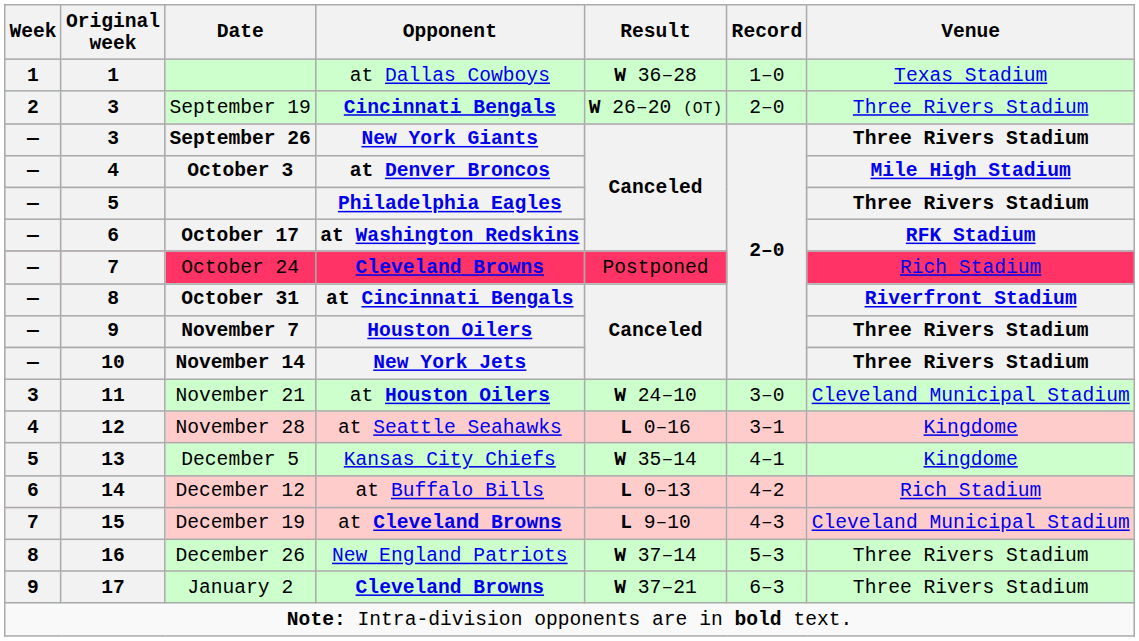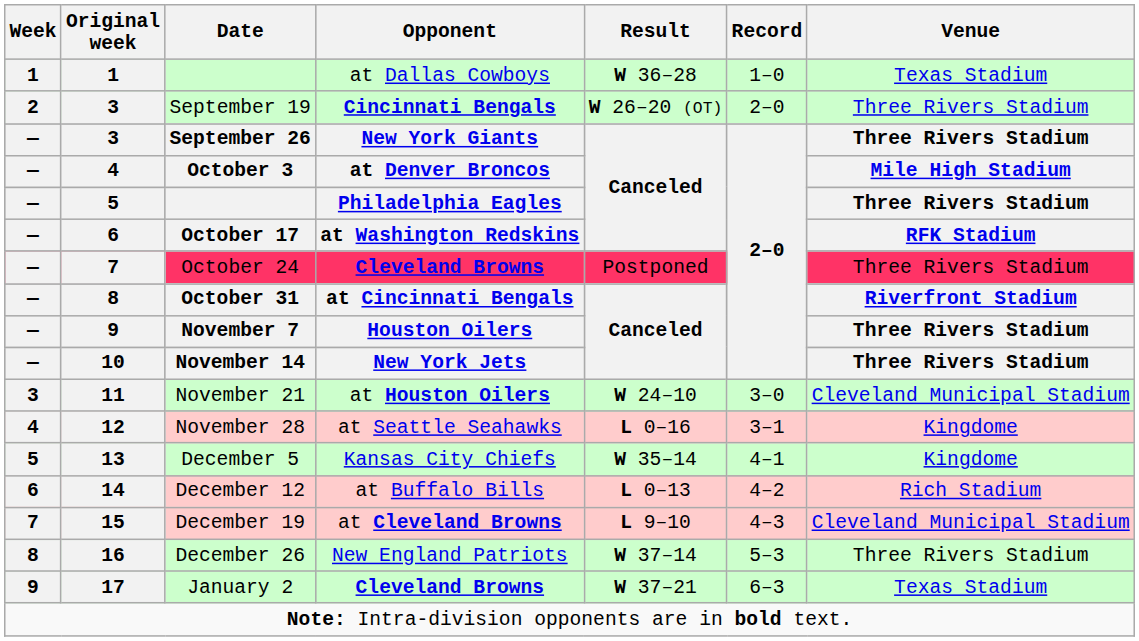 <table class="wikitable" style="text-align:center">
 <tr>
 <th>Week</th>
 <th>Original<br>week</th>
 <th>Date</th>
 <th>Opponent</th>
 <th>Result</th>
 <th>Record</th>
 <th>Venue</th>
 </tr>
 <tr style="background:#cfc">
 <th>1</th>
 <th>1</th>
 <td></td>
 <td>at <a href='#'>Dallas Cowboys</a></td>
 <td><strong>W</strong> 36–28</td>
 <td>1–0</td>
 <td><a href='#'>Texas Stadium</a></td>
 </tr>
 <tr style="background:#cfc">
 <th>2</th>
 <th>3</th>
 <td>September 19</td>
 <td><strong><a href='#'>Cincinnati Bengals</a></strong></td>
 <td><strong>W</strong> 26–20 <small>(OT)</small></td>
 <td>2–0</td>
 <td><a href='#'>Three Rivers Stadium</a></td>
 </tr>
 <tr style="background:#bababa">
 <th>—</th>
 <th>3</th>
 <th>September 26</th>
 <th><a href='#'>New York Giants</a></th>
 <th rowspan="4"><strong>Canceled</strong></th>
 <th rowspan="8">2–0</th>
 <th>Three Rivers Stadium</th>
 </tr>
 <tr style="background:#bababa">
 <th>—</th>
 <th>4</th>
 <th>October 3</th>
 <th>at <a href='#'>Denver Broncos</a></th>
 <th><a href='#'>Mile High Stadium</a></th>
 </tr>
 <tr style="background:#bababa">
 <th>—</th>
 <th>5</th>
 <th></th>
 <th><a href='#'>Philadelphia Eagles</a></th>
 <th>Three Rivers Stadium</th>
 </tr>
 <tr style="background:#bababa">
 <th>—</th>
 <th>6</th>
 <th>October 17</th>
 <th>at <a href='#'>Washington Redskins</a></th>
 <th><a href='#'>RFK Stadium</a></th>
 </tr>
 <tr style="background:#F36;">
 <th>—</th>
 <th>7</th>
 <td>October 24</td>
 <td><strong><a href='#'>Cleveland Browns</a></strong></td>
 <td>Postponed</td>
-<td><a href='#'>Rich Stadium</a></td>
+<td>Three Rivers Stadium</td>
 </tr>
 <tr style="background:#bababa">
 <th>—</th>
 <th>8</th>
 <th>October 31</th>
 <th>at <strong><a href='#'>Cincinnati Bengals</a></strong></th>
 <th rowspan="3"><strong>Canceled</strong></th>
 <th><a href='#'>Riverfront Stadium</a></th>
 </tr>
 <tr style="background:#bababa">
 <th>—</th>
 <th>9</th>
 <th>November 7</th>
 <th><strong><a href='#'>Houston Oilers</a></strong></th>
 <th>Three Rivers Stadium</th>
 </tr>
 <tr style="background:#bababa">
 <th>—</th>
 <th>10</th>
 <th>November 14</th>
 <th><a href='#'>New York Jets</a></th>
 <th>Three Rivers Stadium</th>
 </tr>
 <tr style="background:#cfc">
 <th>3</th>
 <th>11</th>
 <td>November 21</td>
 <td>at <strong><a href='#'>Houston Oilers</a></strong></td>
 <td><strong>W</strong> 24–10</td>
 <td>3–0</td>
 <td><a href='#'>Cleveland Municipal Stadium</a></td>
 </tr>
 <tr style="background:#fcc">
 <th>4</th>
 <th>12</th>
 <td>November 28</td>
 <td>at <a href='#'>Seattle Seahawks</a></td>
 <td><strong>L</strong> 0–16</td>
 <td>3–1</td>
 <td><a href='#'>Kingdome</a></td>
 </tr>
 <tr style="background:#cfc">
 <th>5</th>
 <th>13</th>
 <td>December 5</td>
 <td><a href='#'>Kansas City Chiefs</a></td>
 <td><strong>W</strong> 35–14</td>
 <td>4–1</td>
 <td><a href='#'>Kingdome</a></td>
 </tr>
 <tr style="background:#fcc">
 <th>6</th>
 <th>14</th>
 <td>December 12</td>
 <td>at <a href='#'>Buffalo Bills</a></td>
 <td><strong>L</strong> 0–13</td>
 <td>4–2</td>
 <td><a href='#'>Rich Stadium</a></td>
 </tr>
 <tr style="background:#fcc">
 <th>7</th>
 <th>15</th>
 <td>December 19</td>
 <td>at <strong><a href='#'>Cleveland Browns</a></strong></td>
 <td><strong>L</strong> 9–10</td>
 <td>4–3</td>
 <td><a href='#'>Cleveland Municipal Stadium</a></td>
 </tr>
 <tr style="background:#cfc">
 <th>8</th>
 <th>16</th>
 <td>December 26</td>
 <td><a href='#'>New England Patriots</a></td>
 <td><strong>W</strong> 37–14</td>
 <td>5–3</td>
 <td>Three Rivers Stadium</td>
 </tr>
 <tr style="background:#cfc">
 <th>9</th>
 <th>17</th>
 <td>January 2</td>
 <td><strong><a href='#'>Cleveland Browns</a></strong></td>
 <td><strong>W</strong> 37–21</td>
 <td>6–3</td>
-<td>Three Rivers Stadium</td>
+<td><a href='#'>Texas Stadium</a></td>
 </tr>
 <tr>
 <td colspan="7"><strong>Note:</strong> Intra-division opponents are in <strong>bold</strong> text.</td>
 </tr>
 </table>
